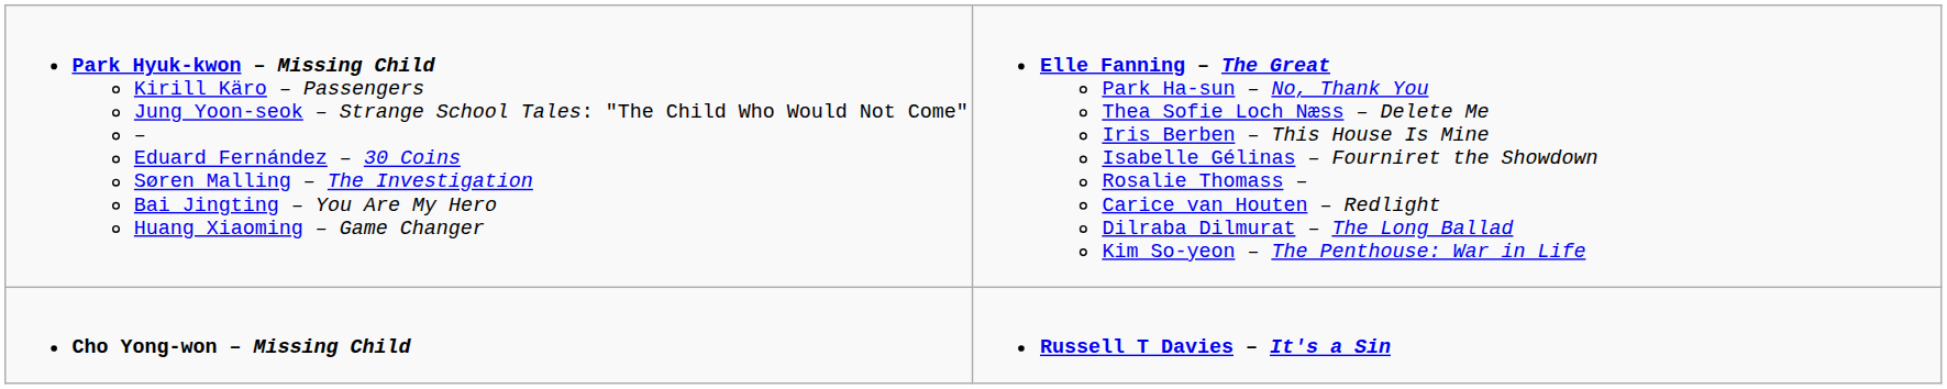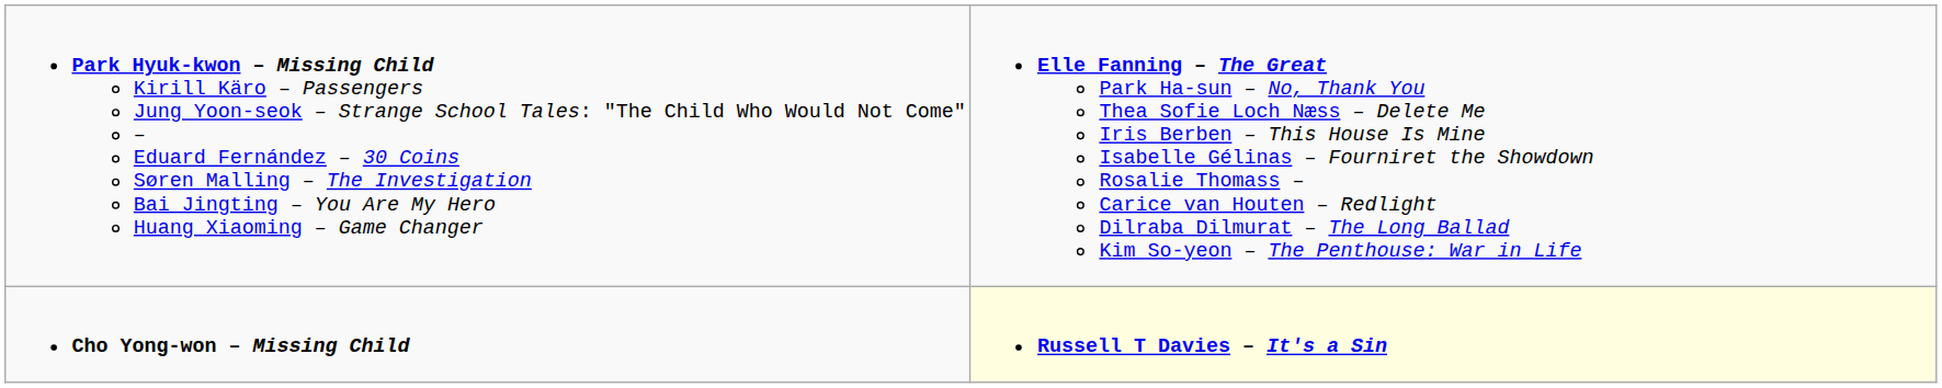 <table class="wikitable">
 <tr>
 <td style="vertical-align:top;" width="50%"><br><ul><li><strong><a href='#'>Park Hyuk-kwon</a> – <em>Missing Child</em> </strong><ul><li><a href='#'>Kirill Käro</a> – <em>Passengers</em> </li><li><a href='#'>Jung Yoon-seok</a> – <em>Strange School Tales</em>: "The Child Who Would Not Come" </li><li> – <em></em> </li><li><a href='#'>Eduard Fernández</a> – <em><a href='#'>30 Coins</a></em> </li><li><a href='#'>Søren Malling</a> – <em><a href='#'>The Investigation</a></em> </li><li><a href='#'>Bai Jingting</a> – <em>You Are My Hero</em> </li><li><a href='#'>Huang Xiaoming</a> – <em>Game Changer</em> </li></ul></li></ul></td>
 <td style="vertical-align:top;" width="50%"><br><ul><li><strong><a href='#'>Elle Fanning</a> – <em><a href='#'>The Great</a></em> </strong><ul><li><a href='#'>Park Ha-sun</a> – <em><a href='#'>No, Thank You</a></em> </li><li><a href='#'>Thea Sofie Loch Næss</a> – <em>Delete Me</em> </li><li><a href='#'>Iris Berben</a> – <em>This House Is Mine</em> </li><li><a href='#'>Isabelle Gélinas</a> – <em>Fourniret the Showdown</em> </li><li><a href='#'>Rosalie Thomass</a> – <em></em> </li><li><a href='#'>Carice van Houten</a> – <em>Redlight</em> </li><li><a href='#'>Dilraba Dilmurat</a> – <em><a href='#'>The Long Ballad</a></em> </li><li><a href='#'>Kim So-yeon</a> – <em><a href='#'>The Penthouse: War in Life</a></em> </li></ul></li></ul></td>
 </tr>
 <tr>
 <td style="vertical-align:top;" width="50%"><br><ul><li><strong>Cho Yong-won – <em>Missing Child</em> </strong></li></ul></td>
-<td style="vertical-align:top;" width="50%"><br><ul><li><strong><a href='#'>Russell T Davies</a> – <em><a href='#'>It's a Sin</a></em> </strong></li></ul></td>
+<td style="background: lightyellow; vertical-align:top;" width="50%"><br><ul><li><strong><a href='#'>Russell T Davies</a> – <em><a href='#'>It's a Sin</a></em> </strong></li></ul></td>
 </tr>
 </table>
